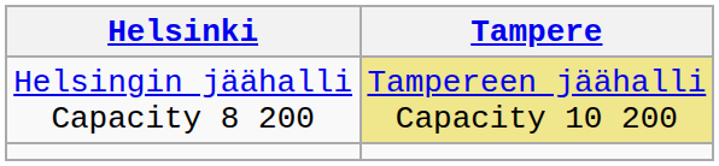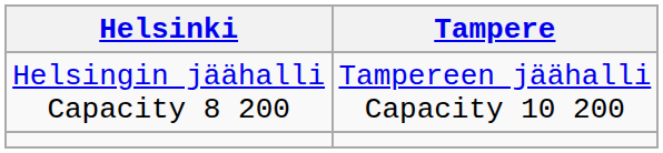 <table class="wikitable" style="text-align:center">
 <tr>
 <th><a href='#'>Helsinki</a></th>
 <th><a href='#'>Tampere</a></th>
 </tr>
 <tr>
 <td><a href='#'>Helsingin jäähalli</a><br>Capacity 8 200</td>
-<td style="background: khaki;"><a href='#'>Tampereen jäähalli</a><br>Capacity 10 200</td>
+<td><a href='#'>Tampereen jäähalli</a><br>Capacity 10 200</td>
 </tr>
 <tr>
 <td></td>
 <td></td>
 </tr>
 </table>
